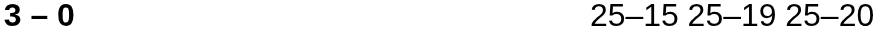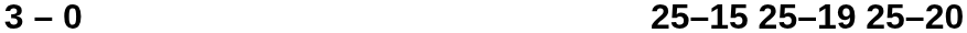 <table>
 <tr>
 <th width=200></th>
 <th width=80></th>
 <th width=200></th>
 <th width=220></th>
 </tr>
 <tr style=font-size:90%>
 <td align=right><strong></strong></td>
 <td align=center><strong>3 – 0</strong></td>
 <td></td>
-<td>25–15 25–19 25–20</td>
+<td><strong>25–15 25–19 25–20</strong></td>
 </tr>
 </table>
